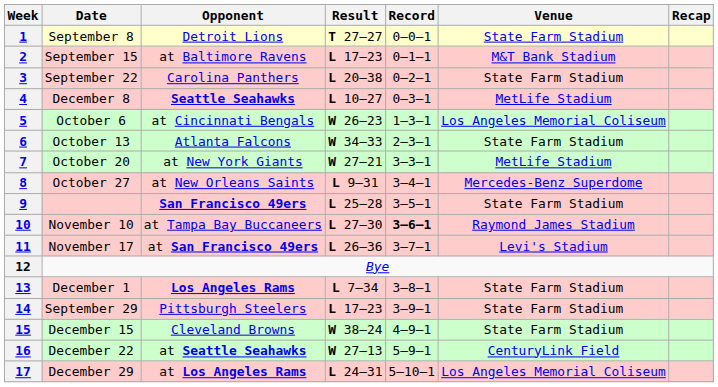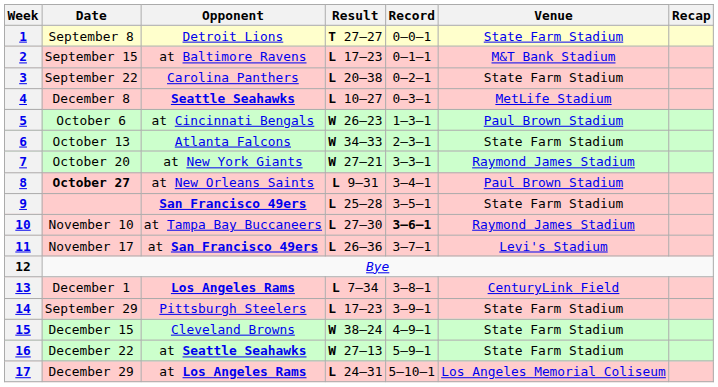 <table class="wikitable" style="text-align:center">
 <tr>
 <th>Week</th>
 <th>Date</th>
 <th>Opponent</th>
 <th>Result</th>
 <th>Record</th>
 <th>Venue</th>
 <th>Recap</th>
 </tr>
 <tr style="background:#ffc">
 <th><a href='#'>1</a></th>
 <td>September 8</td>
 <td><a href='#'>Detroit Lions</a></td>
 <td><strong>T</strong> 27–27 </td>
 <td>0–0–1</td>
 <td><a href='#'>State Farm Stadium</a></td>
 <td></td>
 </tr>
 <tr style="background:#fcc">
 <th><a href='#'>2</a></th>
 <td>September 15</td>
 <td>at <a href='#'>Baltimore Ravens</a></td>
 <td><strong>L</strong> 17–23</td>
 <td>0–1–1</td>
 <td><a href='#'>M&T Bank Stadium</a></td>
 <td></td>
 </tr>
 <tr style="background:#fcc">
 <th><a href='#'>3</a></th>
 <td>September 22</td>
 <td><a href='#'>Carolina Panthers</a></td>
 <td><strong>L</strong> 20–38</td>
 <td>0–2–1</td>
 <td>State Farm Stadium</td>
 <td></td>
 </tr>
 <tr style="background:#fcc">
 <th><a href='#'>4</a></th>
 <td>December 8</td>
 <td><strong><a href='#'>Seattle Seahawks</a></strong></td>
 <td><strong>L</strong> 10–27</td>
 <td>0–3–1</td>
 <td><a href='#'>MetLife Stadium</a></td>
 <td></td>
 </tr>
 <tr style="background:#cfc">
 <th><a href='#'>5</a></th>
 <td>October 6</td>
 <td>at <a href='#'>Cincinnati Bengals</a></td>
 <td><strong>W</strong> 26–23</td>
 <td>1–3–1</td>
-<td><a href='#'>Los Angeles Memorial Coliseum</a></td>
+<td><a href='#'>Paul Brown Stadium</a></td>
 <td></td>
 </tr>
 <tr style="background:#cfc">
 <th><a href='#'>6</a></th>
 <td>October 13</td>
 <td><a href='#'>Atlanta Falcons</a></td>
 <td><strong>W</strong> 34–33</td>
 <td>2–3–1</td>
 <td>State Farm Stadium</td>
 <td></td>
 </tr>
 <tr style="background:#cfc">
 <th><a href='#'>7</a></th>
 <td>October 20</td>
 <td>at <a href='#'>New York Giants</a></td>
 <td><strong>W</strong> 27–21</td>
 <td>3–3–1</td>
-<td><a href='#'>MetLife Stadium</a></td>
+<td><a href='#'>Raymond James Stadium</a></td>
 <td></td>
 </tr>
 <tr style="background:#fcc">
 <th><a href='#'>8</a></th>
-<td>October 27</td>
+<td><strong>October 27</strong></td>
 <td>at <a href='#'>New Orleans Saints</a></td>
 <td><strong>L</strong> 9–31</td>
 <td>3–4–1</td>
-<td><a href='#'>Mercedes-Benz Superdome</a></td>
+<td><a href='#'>Paul Brown Stadium</a></td>
 <td></td>
 </tr>
 <tr style="background:#fcc">
 <th><a href='#'>9</a></th>
 <td></td>
 <td><strong><a href='#'>San Francisco 49ers</a></strong></td>
 <td><strong>L</strong> 25–28</td>
 <td>3–5–1</td>
 <td>State Farm Stadium</td>
 <td></td>
 </tr>
 <tr style="background:#fcc">
 <th><a href='#'>10</a></th>
 <td>November 10</td>
 <td>at <a href='#'>Tampa Bay Buccaneers</a></td>
 <td><strong>L</strong> 27–30</td>
 <td><strong>3–6–1</strong></td>
 <td><a href='#'>Raymond James Stadium</a></td>
 <td></td>
 </tr>
 <tr style="background:#fcc">
 <th><a href='#'>11</a></th>
 <td>November 17</td>
 <td>at <strong><a href='#'>San Francisco 49ers</a></strong></td>
 <td><strong>L</strong> 26–36</td>
 <td>3–7–1</td>
 <td><a href='#'>Levi's Stadium</a></td>
 <td></td>
 </tr>
 <tr>
 <th>12</th>
 <td colspan="6"><em><a href='#'>Bye</a></em></td>
 </tr>
 <tr style="background:#fcc">
 <th><a href='#'>13</a></th>
 <td>December 1</td>
 <td><strong><a href='#'>Los Angeles Rams</a></strong></td>
 <td><strong>L</strong> 7–34</td>
 <td>3–8–1</td>
-<td>State Farm Stadium</td>
+<td><a href='#'>CenturyLink Field</a></td>
 <td></td>
 </tr>
 <tr style="background:#fcc">
 <th><a href='#'>14</a></th>
 <td>September 29</td>
 <td><a href='#'>Pittsburgh Steelers</a></td>
 <td><strong>L</strong> 17–23</td>
 <td>3–9–1</td>
 <td>State Farm Stadium</td>
 <td></td>
 </tr>
 <tr style="background:#cfc">
 <th><a href='#'>15</a></th>
 <td>December 15</td>
 <td><a href='#'>Cleveland Browns</a></td>
 <td><strong>W</strong> 38–24</td>
 <td>4–9–1</td>
 <td>State Farm Stadium</td>
 <td></td>
 </tr>
 <tr style="background:#cfc">
 <th><a href='#'>16</a></th>
 <td>December 22</td>
 <td>at <strong><a href='#'>Seattle Seahawks</a></strong></td>
 <td><strong>W</strong> 27–13</td>
 <td>5–9–1</td>
-<td><a href='#'>CenturyLink Field</a></td>
+<td>State Farm Stadium</td>
 <td></td>
 </tr>
 <tr style="background:#fcc">
 <th><a href='#'>17</a></th>
 <td>December 29</td>
 <td>at <strong><a href='#'>Los Angeles Rams</a></strong></td>
 <td><strong>L</strong> 24–31</td>
 <td>5–10–1</td>
 <td><a href='#'>Los Angeles Memorial Coliseum</a></td>
 <td></td>
 </tr>
 </table>
